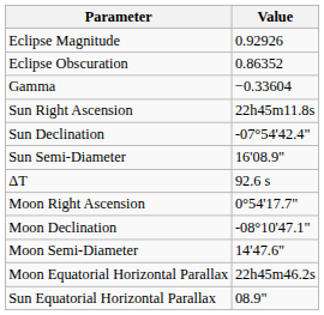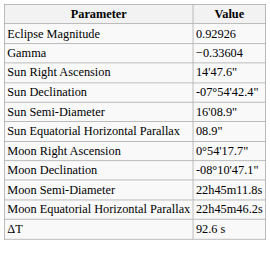 <table class="wikitable">
 <tr>
 <th>Parameter</th>
 <th>Value</th>
 </tr>
 <tr>
 <td>Eclipse Magnitude</td>
 <td>0.92926</td>
 </tr>
 <tr>
-<td>Eclipse Obscuration</td>
-<td>0.86352</td>
-</tr>
-<tr>
 <td>Gamma</td>
 <td>−0.33604</td>
 </tr>
 <tr>
 <td>Sun Right Ascension</td>
-<td>22h45m11.8s</td>
+<td>14'47.6"</td>
 </tr>
 <tr>
 <td>Sun Declination</td>
 <td>-07°54'42.4"</td>
 </tr>
 <tr>
 <td>Sun Semi-Diameter</td>
 <td>16'08.9"</td>
 </tr>
 <tr>
-<td>ΔT</td>
-<td>92.6 s</td>
+<td>Sun Equatorial Horizontal Parallax</td>
+<td>08.9"</td>
 </tr>
 <tr>
 <td>Moon Right Ascension</td>
 <td>0°54'17.7"</td>
 </tr>
 <tr>
 <td>Moon Declination</td>
 <td>-08°10'47.1"</td>
 </tr>
 <tr>
 <td>Moon Semi-Diameter</td>
-<td>14'47.6"</td>
+<td>22h45m11.8s</td>
 </tr>
 <tr>
 <td>Moon Equatorial Horizontal Parallax</td>
 <td>22h45m46.2s</td>
 </tr>
 <tr>
-<td>Sun Equatorial Horizontal Parallax</td>
-<td>08.9"</td>
+<td>ΔT</td>
+<td>92.6 s</td>
 </tr>
 </table>
